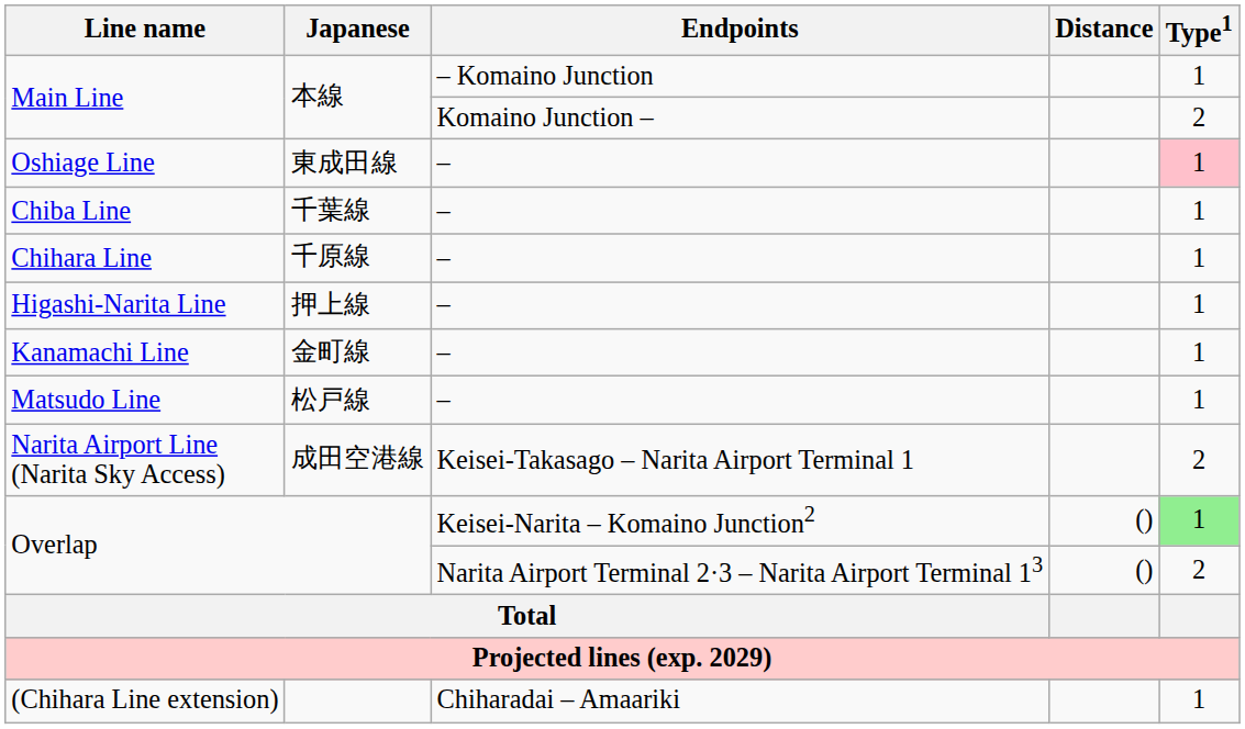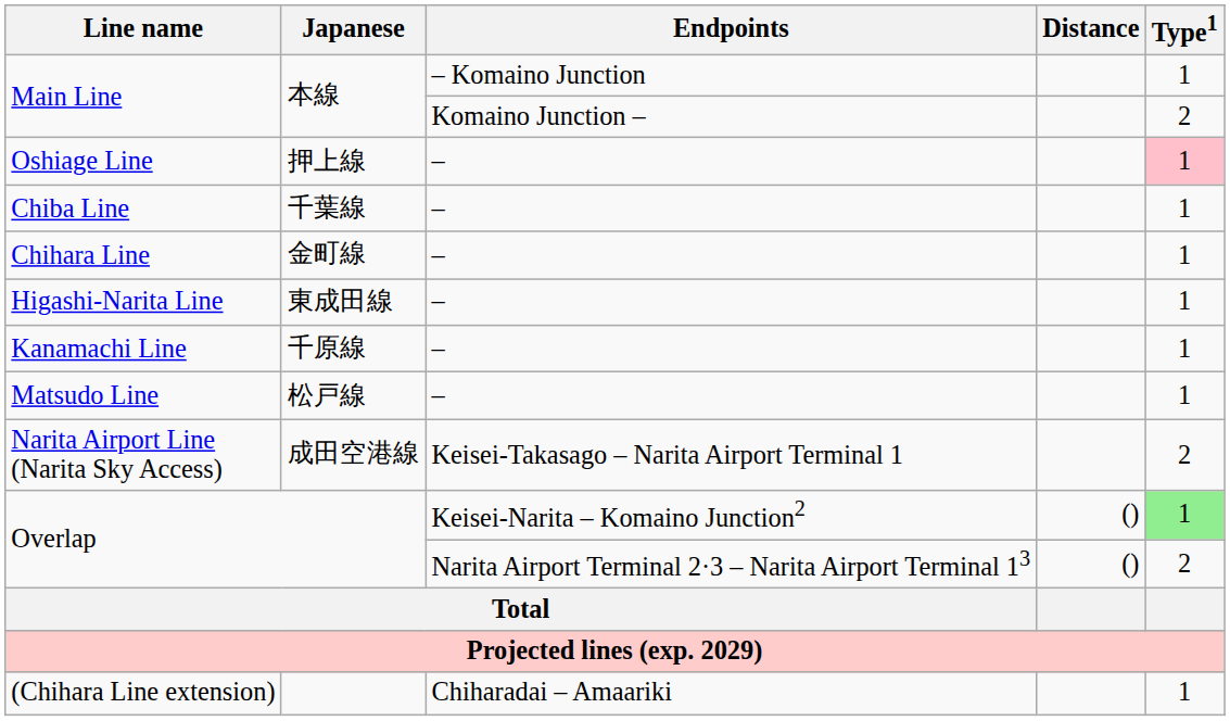 <table class=wikitable>
 <tr>
 <th>Line name</th>
 <th>Japanese</th>
 <th>Endpoints</th>
 <th>Distance</th>
 <th>Type<sup>1</sup></th>
 </tr>
 <tr>
 <td rowspan=2><a href='#'>Main Line</a></td>
 <td rowspan=2>本線</td>
 <td> – Komaino Junction</td>
 <td align=right></td>
 <td align=center>1</td>
 </tr>
 <tr>
 <td>Komaino Junction – </td>
 <td align=right></td>
 <td align=center>2</td>
 </tr>
 <tr>
 <td><a href='#'>Oshiage Line</a></td>
-<td>東成田線</td>
+<td>押上線</td>
 <td> – </td>
 <td align=right></td>
 <td align=center style="background: pink;">1</td>
 </tr>
 <tr>
 <td><a href='#'>Chiba Line</a></td>
 <td>千葉線</td>
 <td> – </td>
 <td align=right></td>
 <td align=center>1</td>
 </tr>
 <tr>
 <td><a href='#'>Chihara Line</a></td>
-<td>千原線</td>
+<td>金町線</td>
 <td> – </td>
 <td align=right></td>
 <td align=center>1</td>
 </tr>
 <tr>
 <td><a href='#'>Higashi-Narita Line</a></td>
-<td>押上線</td>
+<td>東成田線</td>
 <td> – </td>
 <td align=right></td>
 <td align=center>1</td>
 </tr>
 <tr>
 <td><a href='#'>Kanamachi Line</a></td>
-<td>金町線</td>
+<td>千原線</td>
 <td> – </td>
 <td align=right></td>
 <td align=center>1</td>
 </tr>
 <tr>
 <td><a href='#'>Matsudo Line</a></td>
 <td>松戸線</td>
 <td> – </td>
 <td align=right></td>
 <td align=center>1</td>
 </tr>
 <tr>
 <td><a href='#'>Narita Airport Line</a><br>(Narita Sky Access)</td>
 <td>成田空港線</td>
 <td>Keisei-Takasago – Narita Airport Terminal 1</td>
 <td align=right></td>
 <td align=center>2</td>
 </tr>
 <tr>
 <td rowspan=2 colspan=2>Overlap</td>
 <td>Keisei-Narita – Komaino Junction<sup>2</sup></td>
 <td align=right>()</td>
 <td align=center style="background: lightgreen;">1</td>
 </tr>
 <tr>
 <td>Narita Airport Terminal 2·3 – Narita Airport Terminal 1<sup>3</sup></td>
 <td align=right>()</td>
 <td align=center>2</td>
 </tr>
 <tr>
 <th colspan=3>Total</th>
 <th align=right></th>
 <th></th>
 </tr>
 <tr>
 <th colspan=5 style="background:#FFCCCC;">Projected lines (exp. 2029)</th>
 </tr>
 <tr>
 <td>(Chihara Line extension)</td>
 <td></td>
 <td>Chiharadai – Amaariki</td>
 <td align=right></td>
 <td align=center>1</td>
 </tr>
 </table>
